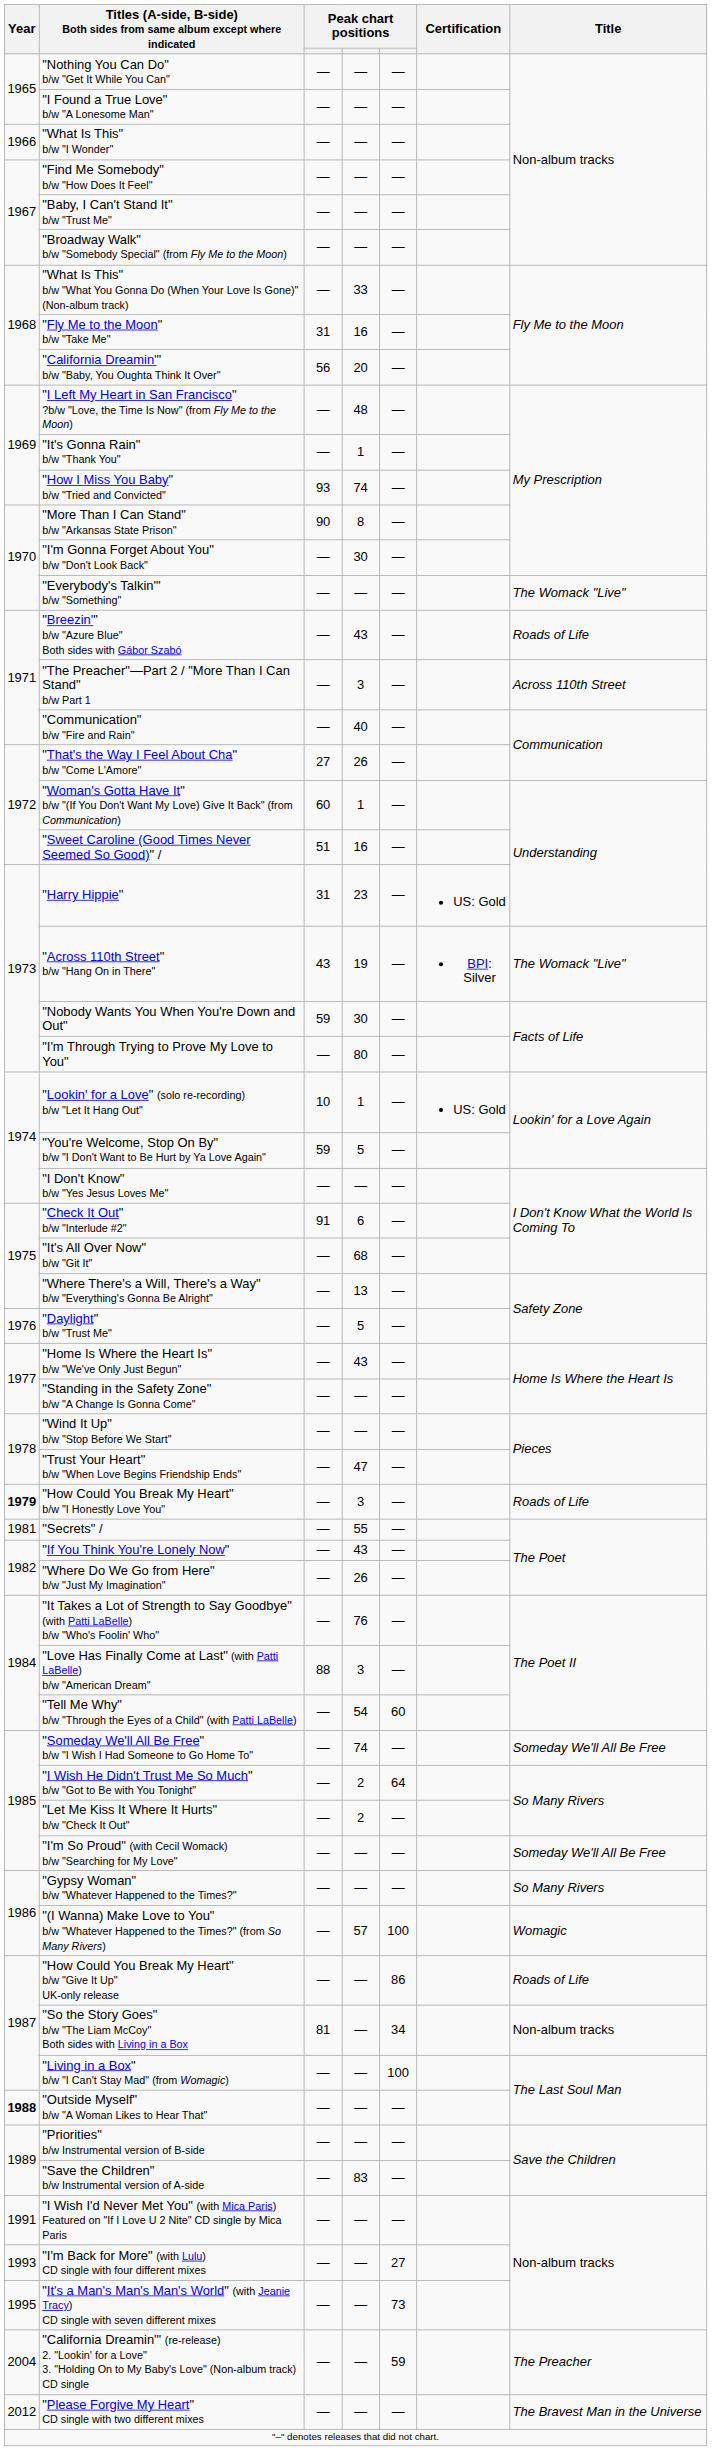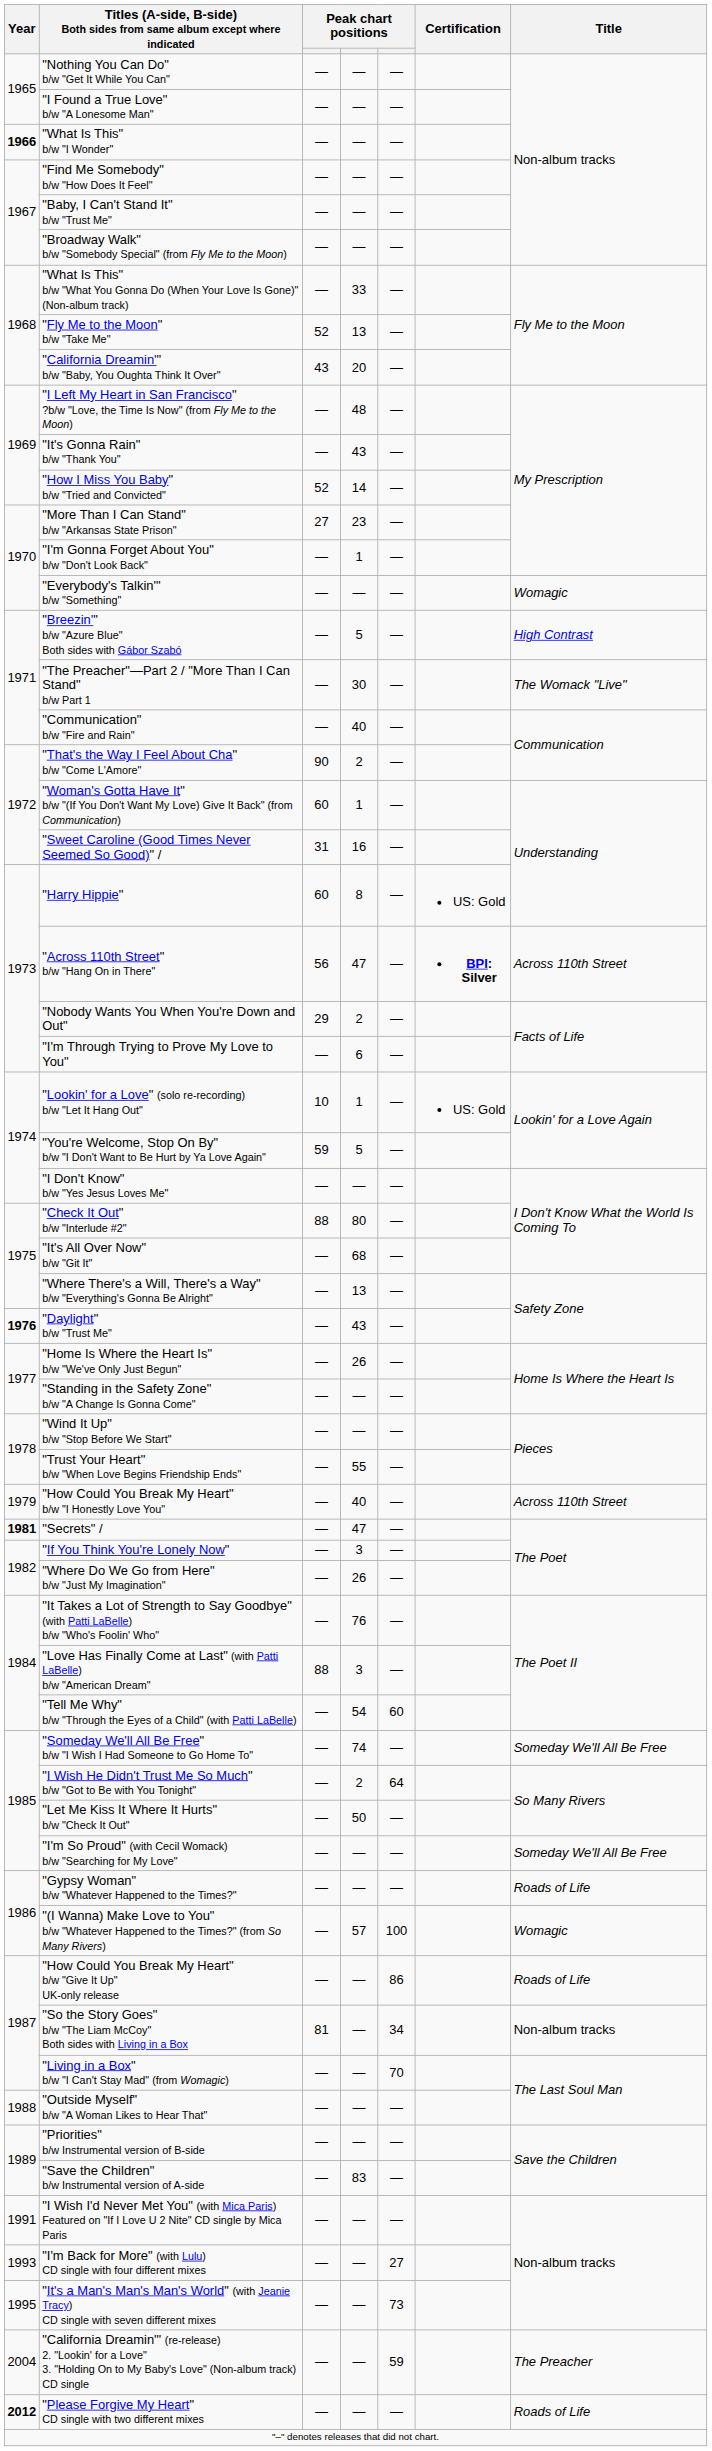 <table class="wikitable"  style=text-align:center;>
 <tr>
 <th rowspan="2">Year</th>
 <th rowspan="2">Titles (A-side, B-side)<br><small>Both sides from same album except where indicated</small></th>
 <th colspan="3">Peak chart positions</th>
 <th rowspan="2">Certification</th>
 <th rowspan="2">Title</th>
 </tr>
 <tr style="font-size:smaller;">
 <th style="width:3em;"></th>
 <th style="width:3em;"></th>
 <th style="width:3em;"></th>
 </tr>
 <tr>
 <td rowspan="2">1965</td>
 <td align="left">"Nothing You Can Do"<br><small>b/w "Get It While You Can"</small></td>
 <td>—</td>
 <td>—</td>
 <td>—</td>
 <td></td>
 <td align="left" rowspan="6">Non-album tracks</td>
 </tr>
 <tr>
 <td align="left">"I Found a True Love"<br><small>b/w "A Lonesome Man"</small></td>
 <td>—</td>
 <td>—</td>
 <td>—</td>
 <td></td>
 </tr>
 <tr>
-<td>1966</td>
+<td><strong>1966</strong></td>
 <td align="left">"What Is This"<br><small>b/w "I Wonder"</small></td>
 <td>—</td>
 <td>—</td>
 <td>—</td>
 <td></td>
 </tr>
 <tr>
 <td rowspan="3">1967</td>
 <td align="left">"Find Me Somebody"<br><small>b/w "How Does It Feel"</small></td>
 <td>—</td>
 <td>—</td>
 <td>—</td>
 <td></td>
 </tr>
 <tr>
 <td align="left">"Baby, I Can't Stand It"<br><small>b/w "Trust Me"</small></td>
 <td>—</td>
 <td>—</td>
 <td>—</td>
 <td></td>
 </tr>
 <tr>
 <td align="left">"Broadway Walk"<br><small>b/w "Somebody Special" (from <em>Fly Me to the Moon</em>)</small></td>
 <td>—</td>
 <td>—</td>
 <td>—</td>
 <td></td>
 </tr>
 <tr>
 <td rowspan="3">1968</td>
 <td align="left">"What Is This"<br><small>b/w "What You Gonna Do (When Your Love Is Gone)" (Non-album track)</small></td>
 <td>—</td>
 <td>33</td>
 <td>—</td>
 <td></td>
 <td align="left" rowspan="3"><em>Fly Me to the Moon</em></td>
 </tr>
 <tr>
 <td align="left">"<a href='#'>Fly Me to the Moon</a>"<br><small>b/w "Take Me"</small></td>
-<td>31</td>
-<td>16</td>
+<td>52</td>
+<td>13</td>
 <td>—</td>
 <td></td>
 </tr>
 <tr>
 <td align="left">"<a href='#'>California Dreamin'</a>"<br><small>b/w "Baby, You Oughta Think It Over"</small></td>
-<td>56</td>
+<td>43</td>
 <td>20</td>
 <td>—</td>
 <td></td>
 </tr>
 <tr>
 <td rowspan="3">1969</td>
 <td align="left">"<a href='#'>I Left My Heart in San Francisco</a>"<br><small>?b/w "Love, the Time Is Now" (from <em>Fly Me to the Moon</em>)</small></td>
 <td>—</td>
 <td>48</td>
 <td>—</td>
 <td></td>
 <td align="left" rowspan="5"><em>My Prescription</em></td>
 </tr>
 <tr>
 <td align="left">"It's Gonna Rain"<br><small>b/w "Thank You"</small></td>
 <td>—</td>
-<td>1</td>
+<td>43</td>
 <td>—</td>
 <td></td>
 </tr>
 <tr>
 <td align="left">"<a href='#'>How I Miss You Baby</a>"<br><small>b/w "Tried and Convicted"</small></td>
-<td>93</td>
-<td>74</td>
+<td>52</td>
+<td>14</td>
 <td>—</td>
 <td></td>
 </tr>
 <tr>
 <td rowspan="3">1970</td>
 <td align="left">"More Than I Can Stand"<br><small>b/w "Arkansas State Prison"</small></td>
-<td>90</td>
-<td>8</td>
+<td>27</td>
+<td>23</td>
 <td>—</td>
 <td></td>
 </tr>
 <tr>
 <td align="left">"I'm Gonna Forget About You"<br><small>b/w "Don't Look Back"</small></td>
 <td>—</td>
-<td>30</td>
+<td>1</td>
 <td>—</td>
 <td></td>
 </tr>
 <tr>
 <td align="left">"Everybody's Talkin'"<br><small>b/w "Something"</small></td>
 <td>—</td>
 <td>—</td>
 <td>—</td>
 <td></td>
-<td align="left"><em>The Womack "Live"</em></td>
+<td align="left"><em>Womagic</em></td>
 </tr>
 <tr>
 <td rowspan="3">1971</td>
 <td align="left">"<a href='#'>Breezin'</a>"<br><small>b/w "Azure Blue"<br>Both sides with <a href='#'>Gábor Szabó</a></small></td>
 <td>—</td>
-<td>43</td>
+<td>5</td>
 <td>—</td>
 <td></td>
-<td align="left"><em>Roads of Life</em></td>
+<td align="left"><em><a href='#'>High Contrast</a></em><br></td>
 </tr>
 <tr>
 <td align="left">"The Preacher"—Part 2 / "More Than I Can Stand"<br><small>b/w Part 1</small></td>
 <td>—</td>
-<td>3</td>
+<td>30</td>
 <td>—</td>
 <td></td>
-<td align="left"><em>Across 110th Street</em></td>
+<td align="left"><em>The Womack "Live"</em></td>
 </tr>
 <tr>
 <td align="left">"Communication"<br><small>b/w "Fire and Rain"</small></td>
 <td>—</td>
 <td>40</td>
 <td>—</td>
 <td></td>
 <td align="left" rowspan="2"><em>Communication</em></td>
 </tr>
 <tr>
 <td rowspan="3">1972</td>
 <td align="left">"<a href='#'>That's the Way I Feel About Cha</a>"<br><small>b/w "Come L'Amore"</small></td>
-<td>27</td>
-<td>26</td>
+<td>90</td>
+<td>2</td>
 <td>—</td>
 <td></td>
 </tr>
 <tr>
 <td align="left">"<a href='#'>Woman's Gotta Have It</a>"<br><small>b/w "(If You Don't Want My Love) Give It Back" (from <em>Communication</em>)</small></td>
 <td>60</td>
 <td>1</td>
 <td>—</td>
 <td></td>
 <td align="left" rowspan="3"><em>Understanding</em></td>
 </tr>
 <tr>
 <td align="left">"<a href='#'>Sweet Caroline (Good Times Never Seemed So Good)</a>" /</td>
-<td>51</td>
+<td>31</td>
 <td>16</td>
 <td>—</td>
 <td></td>
 </tr>
 <tr>
 <td rowspan="4">1973</td>
 <td align="left">"<a href='#'>Harry Hippie</a>"</td>
-<td>31</td>
-<td>23</td>
+<td>60</td>
+<td>8</td>
 <td>—</td>
 <td><br><ul><li>US: Gold</li></ul></td>
 </tr>
 <tr>
 <td align="left">"<a href='#'>Across 110th Street</a>"<br><small>b/w "Hang On in There"</small></td>
-<td>43</td>
-<td>19</td>
+<td>56</td>
+<td>47</td>
 <td>—</td>
-<td><br><ul><li><a href='#'>BPI</a>: Silver</li></ul></td>
-<td align="left"><em>The Womack "Live"</em></td>
+<td><strong><br><ul><li><a href='#'>BPI</a>: Silver</li></ul></strong></td>
+<td align="left"><em>Across 110th Street</em></td>
 </tr>
 <tr>
 <td align="left">"Nobody Wants You When You're Down and Out"</td>
-<td>59</td>
-<td>30</td>
+<td>29</td>
+<td>2</td>
 <td>—</td>
 <td></td>
 <td align="left" rowspan="2"><em>Facts of Life</em></td>
 </tr>
 <tr>
 <td align="left">"I'm Through Trying to Prove My Love to You"</td>
 <td>—</td>
-<td>80</td>
+<td>6</td>
 <td>—</td>
 <td></td>
 </tr>
 <tr>
 <td rowspan="3">1974</td>
 <td align="left">"<a href='#'>Lookin' for a Love</a>" <small>(solo re-recording)</small><br><small>b/w "Let It Hang Out"</small></td>
 <td>10</td>
 <td>1</td>
 <td>—</td>
 <td><br><ul><li>US: Gold</li></ul></td>
 <td align="left" rowspan="2"><em>Lookin' for a Love Again</em></td>
 </tr>
 <tr>
 <td align="left">"You're Welcome, Stop On By"<br><small>b/w "I Don't Want to Be Hurt by Ya Love Again"</small></td>
 <td>59</td>
 <td>5</td>
 <td>—</td>
 <td></td>
 </tr>
 <tr>
 <td align="left">"I Don't Know"<br><small>b/w "Yes Jesus Loves Me"</small></td>
 <td>—</td>
 <td>—</td>
 <td>—</td>
 <td></td>
 <td align="left" rowspan="3"><em>I Don't Know What the World Is Coming To</em></td>
 </tr>
 <tr>
 <td rowspan="3">1975</td>
 <td align="left">"<a href='#'>Check It Out</a>"<br><small>b/w "Interlude #2"</small></td>
-<td>91</td>
-<td>6</td>
+<td>88</td>
+<td>80</td>
 <td>—</td>
 <td></td>
 </tr>
 <tr>
 <td align="left">"It's All Over Now"<br><small>b/w "Git It"</small></td>
 <td>—</td>
 <td>68</td>
 <td>—</td>
 <td></td>
 </tr>
 <tr>
 <td align="left">"Where There's a Will, There's a Way"<br><small>b/w "Everything's Gonna Be Alright"</small></td>
 <td>—</td>
 <td>13</td>
 <td>—</td>
 <td></td>
 <td align="left" rowspan="2"><em>Safety Zone</em></td>
 </tr>
 <tr>
-<td>1976</td>
+<td><strong>1976</strong></td>
 <td align="left">"<a href='#'>Daylight</a>"<br><small>b/w "Trust Me"</small></td>
 <td>—</td>
-<td>5</td>
+<td>43</td>
 <td>—</td>
 <td></td>
 </tr>
 <tr>
 <td rowspan="2">1977</td>
 <td align="left">"Home Is Where the Heart Is"<br><small>b/w "We've Only Just Begun"</small></td>
 <td>—</td>
-<td>43</td>
+<td>26</td>
 <td>—</td>
 <td></td>
 <td align="left" rowspan="2"><em>Home Is Where the Heart Is</em></td>
 </tr>
 <tr>
 <td align="left">"Standing in the Safety Zone"<br><small>b/w "A Change Is Gonna Come"</small></td>
 <td>—</td>
 <td>—</td>
 <td>—</td>
 <td></td>
 </tr>
 <tr>
 <td rowspan="2">1978</td>
 <td align="left">"Wind It Up"<br><small>b/w "Stop Before We Start"</small></td>
 <td>—</td>
 <td>—</td>
 <td>—</td>
 <td></td>
 <td align="left" rowspan="2"><em>Pieces</em></td>
 </tr>
 <tr>
 <td align="left">"Trust Your Heart"<br><small>b/w "When Love Begins Friendship Ends"</small></td>
 <td>—</td>
-<td>47</td>
+<td>55</td>
 <td>—</td>
 <td></td>
 </tr>
 <tr>
-<td><strong>1979</strong></td>
+<td>1979</td>
 <td align="left">"How Could You Break My Heart"<br><small>b/w "I Honestly Love You"</small></td>
 <td>—</td>
-<td>3</td>
+<td>40</td>
 <td>—</td>
 <td></td>
-<td align="left"><em>Roads of Life</em></td>
+<td align="left"><em>Across 110th Street</em></td>
 </tr>
 <tr>
-<td>1981</td>
+<td><strong>1981</strong></td>
 <td align="left">"Secrets" /</td>
 <td>—</td>
-<td>55</td>
+<td>47</td>
 <td>—</td>
 <td></td>
 <td align="left" rowspan="3"><em>The Poet</em></td>
 </tr>
 <tr>
 <td rowspan="2">1982</td>
 <td align="left">"<a href='#'>If You Think You're Lonely Now</a>"</td>
 <td>—</td>
-<td>43</td>
+<td>3</td>
 <td>—</td>
 <td></td>
 </tr>
 <tr>
 <td align="left">"Where Do We Go from Here"<br><small>b/w "Just My Imagination"</small></td>
 <td>—</td>
 <td>26</td>
 <td>—</td>
 <td></td>
 </tr>
 <tr>
 <td rowspan="3">1984</td>
 <td align="left">"It Takes a Lot of Strength to Say Goodbye"<small> (with <a href='#'>Patti LaBelle</a>)</small><br><small>b/w "Who's Foolin' Who"</small></td>
 <td>—</td>
 <td>76</td>
 <td>—</td>
 <td></td>
 <td align="left" rowspan="3"><em>The Poet II</em></td>
 </tr>
 <tr>
 <td align="left">"Love Has Finally Come at Last"<small> (with <a href='#'>Patti LaBelle</a>)</small><br><small>b/w "American Dream"</small></td>
 <td>88</td>
 <td>3</td>
 <td>—</td>
 <td></td>
 </tr>
 <tr>
 <td align="left">"Tell Me Why"<br><small>b/w "Through the Eyes of a Child" (with <a href='#'>Patti LaBelle</a>)</small></td>
 <td>—</td>
 <td>54</td>
 <td>60</td>
 <td></td>
 </tr>
 <tr>
 <td rowspan="4">1985</td>
 <td align="left">"<a href='#'>Someday We'll All Be Free</a>"<br><small>b/w "I Wish I Had Someone to Go Home To"</small></td>
 <td>—</td>
 <td>74</td>
 <td>—</td>
 <td></td>
 <td align="left"><em>Someday We'll All Be Free</em></td>
 </tr>
 <tr>
 <td align="left">"<a href='#'>I Wish He Didn't Trust Me So Much</a>"<br><small>b/w "Got to Be with You Tonight"</small></td>
 <td>—</td>
 <td>2</td>
 <td>64</td>
 <td></td>
 <td align="left" rowspan="2"><em>So Many Rivers</em></td>
 </tr>
 <tr>
 <td align="left">"Let Me Kiss It Where It Hurts"<br><small>b/w "Check It Out"</small></td>
 <td>—</td>
-<td>2</td>
+<td>50</td>
 <td>—</td>
 <td></td>
 </tr>
 <tr>
 <td align="left">"I'm So Proud" <small>(with Cecil Womack)</small><br><small>b/w "Searching for My Love"</small></td>
 <td>—</td>
 <td>—</td>
 <td>—</td>
 <td></td>
 <td align="left"><em>Someday We'll All Be Free</em></td>
 </tr>
 <tr>
 <td rowspan="2">1986</td>
 <td align="left">"Gypsy Woman"<br><small>b/w "Whatever Happened to the Times?"</small></td>
 <td>—</td>
 <td>—</td>
 <td>—</td>
 <td></td>
-<td align="left"><em>So Many Rivers</em></td>
+<td align="left"><em>Roads of Life</em></td>
 </tr>
 <tr>
 <td align="left">"(I Wanna) Make Love to You"<br><small>b/w "Whatever Happened to the Times?" (from <em>So Many Rivers</em>)</small></td>
 <td>—</td>
 <td>57</td>
 <td>100</td>
 <td></td>
 <td align="left"><em>Womagic</em></td>
 </tr>
 <tr>
 <td rowspan="3">1987</td>
 <td align="left">"How Could You Break My Heart"<br><small>b/w "Give It Up"<br>UK-only release</small></td>
 <td>—</td>
 <td>—</td>
 <td>86</td>
 <td></td>
 <td align="left"><em>Roads of Life</em></td>
 </tr>
 <tr>
 <td align="left">"So the Story Goes"<br><small>b/w "The Liam McCoy"<br>Both sides with <a href='#'>Living in a Box</a></small></td>
 <td>81</td>
 <td>—</td>
 <td>34</td>
 <td></td>
 <td align="left">Non-album tracks</td>
 </tr>
 <tr>
 <td align="left">"<a href='#'>Living in a Box</a>"<br><small>b/w "I Can't Stay Mad" (from <em>Womagic</em>)</small></td>
 <td>—</td>
 <td>—</td>
-<td>100</td>
+<td>70</td>
 <td></td>
 <td align="left" rowspan="2"><em>The Last Soul Man</em></td>
 </tr>
 <tr>
-<td><strong>1988</strong></td>
+<td>1988</td>
 <td align="left">"Outside Myself"<br><small>b/w "A Woman Likes to Hear That"</small></td>
 <td>—</td>
 <td>—</td>
 <td>—</td>
 <td></td>
 </tr>
 <tr>
 <td rowspan="2">1989</td>
 <td align="left">"Priorities"<br><small>b/w Instrumental version of B-side</small></td>
 <td>—</td>
 <td>—</td>
 <td>—</td>
 <td></td>
 <td align="left" rowspan="2"><em>Save the Children</em></td>
 </tr>
 <tr>
 <td align="left">"Save the Children"<br><small>b/w Instrumental version of A-side</small></td>
 <td>—</td>
 <td>83</td>
 <td>—</td>
 <td></td>
 </tr>
 <tr>
 <td>1991</td>
 <td align="left">"I Wish I'd Never Met You" <small>(with <a href='#'>Mica Paris</a>)</small><br><small>Featured on "If I Love U 2 Nite" CD single by Mica Paris</small></td>
 <td>—</td>
 <td>—</td>
 <td>—</td>
 <td></td>
 <td align="left" rowspan="3">Non-album tracks</td>
 </tr>
 <tr>
 <td>1993</td>
 <td align="left">"I'm Back for More" <small>(with <a href='#'>Lulu</a>)</small><br><small>CD single with four different mixes</small></td>
 <td>—</td>
 <td>—</td>
 <td>27</td>
 <td></td>
 </tr>
 <tr>
 <td>1995</td>
 <td align="left">"<a href='#'>It's a Man's Man's Man's World</a>" <small>(with <a href='#'>Jeanie Tracy</a>)</small><br><small>CD single with seven different mixes</small></td>
 <td>—</td>
 <td>—</td>
 <td>73</td>
 <td></td>
 </tr>
 <tr>
 <td>2004</td>
 <td align="left">"California Dreamin'" <small>(re-release)</small><br><small>2. "Lookin' for a Love"<br>3. "Holding On to My Baby's Love" (Non-album track)<br>CD single</small></td>
 <td>—</td>
 <td>—</td>
 <td>59</td>
 <td></td>
 <td align="left"><em>The Preacher</em></td>
 </tr>
 <tr>
-<td>2012</td>
+<td><strong>2012</strong></td>
 <td align="left">"<a href='#'>Please Forgive My Heart</a>"<br><small>CD single with two different mixes</small></td>
 <td>—</td>
 <td>—</td>
 <td>—</td>
 <td></td>
-<td align="left"><em>The Bravest Man in the Universe</em></td>
+<td align="left"><em>Roads of Life</em></td>
 </tr>
 <tr>
 <td colspan="10" style="text-align:center; font-size:9pt;">"–" denotes releases that did not chart.</td>
 </tr>
 </table>
